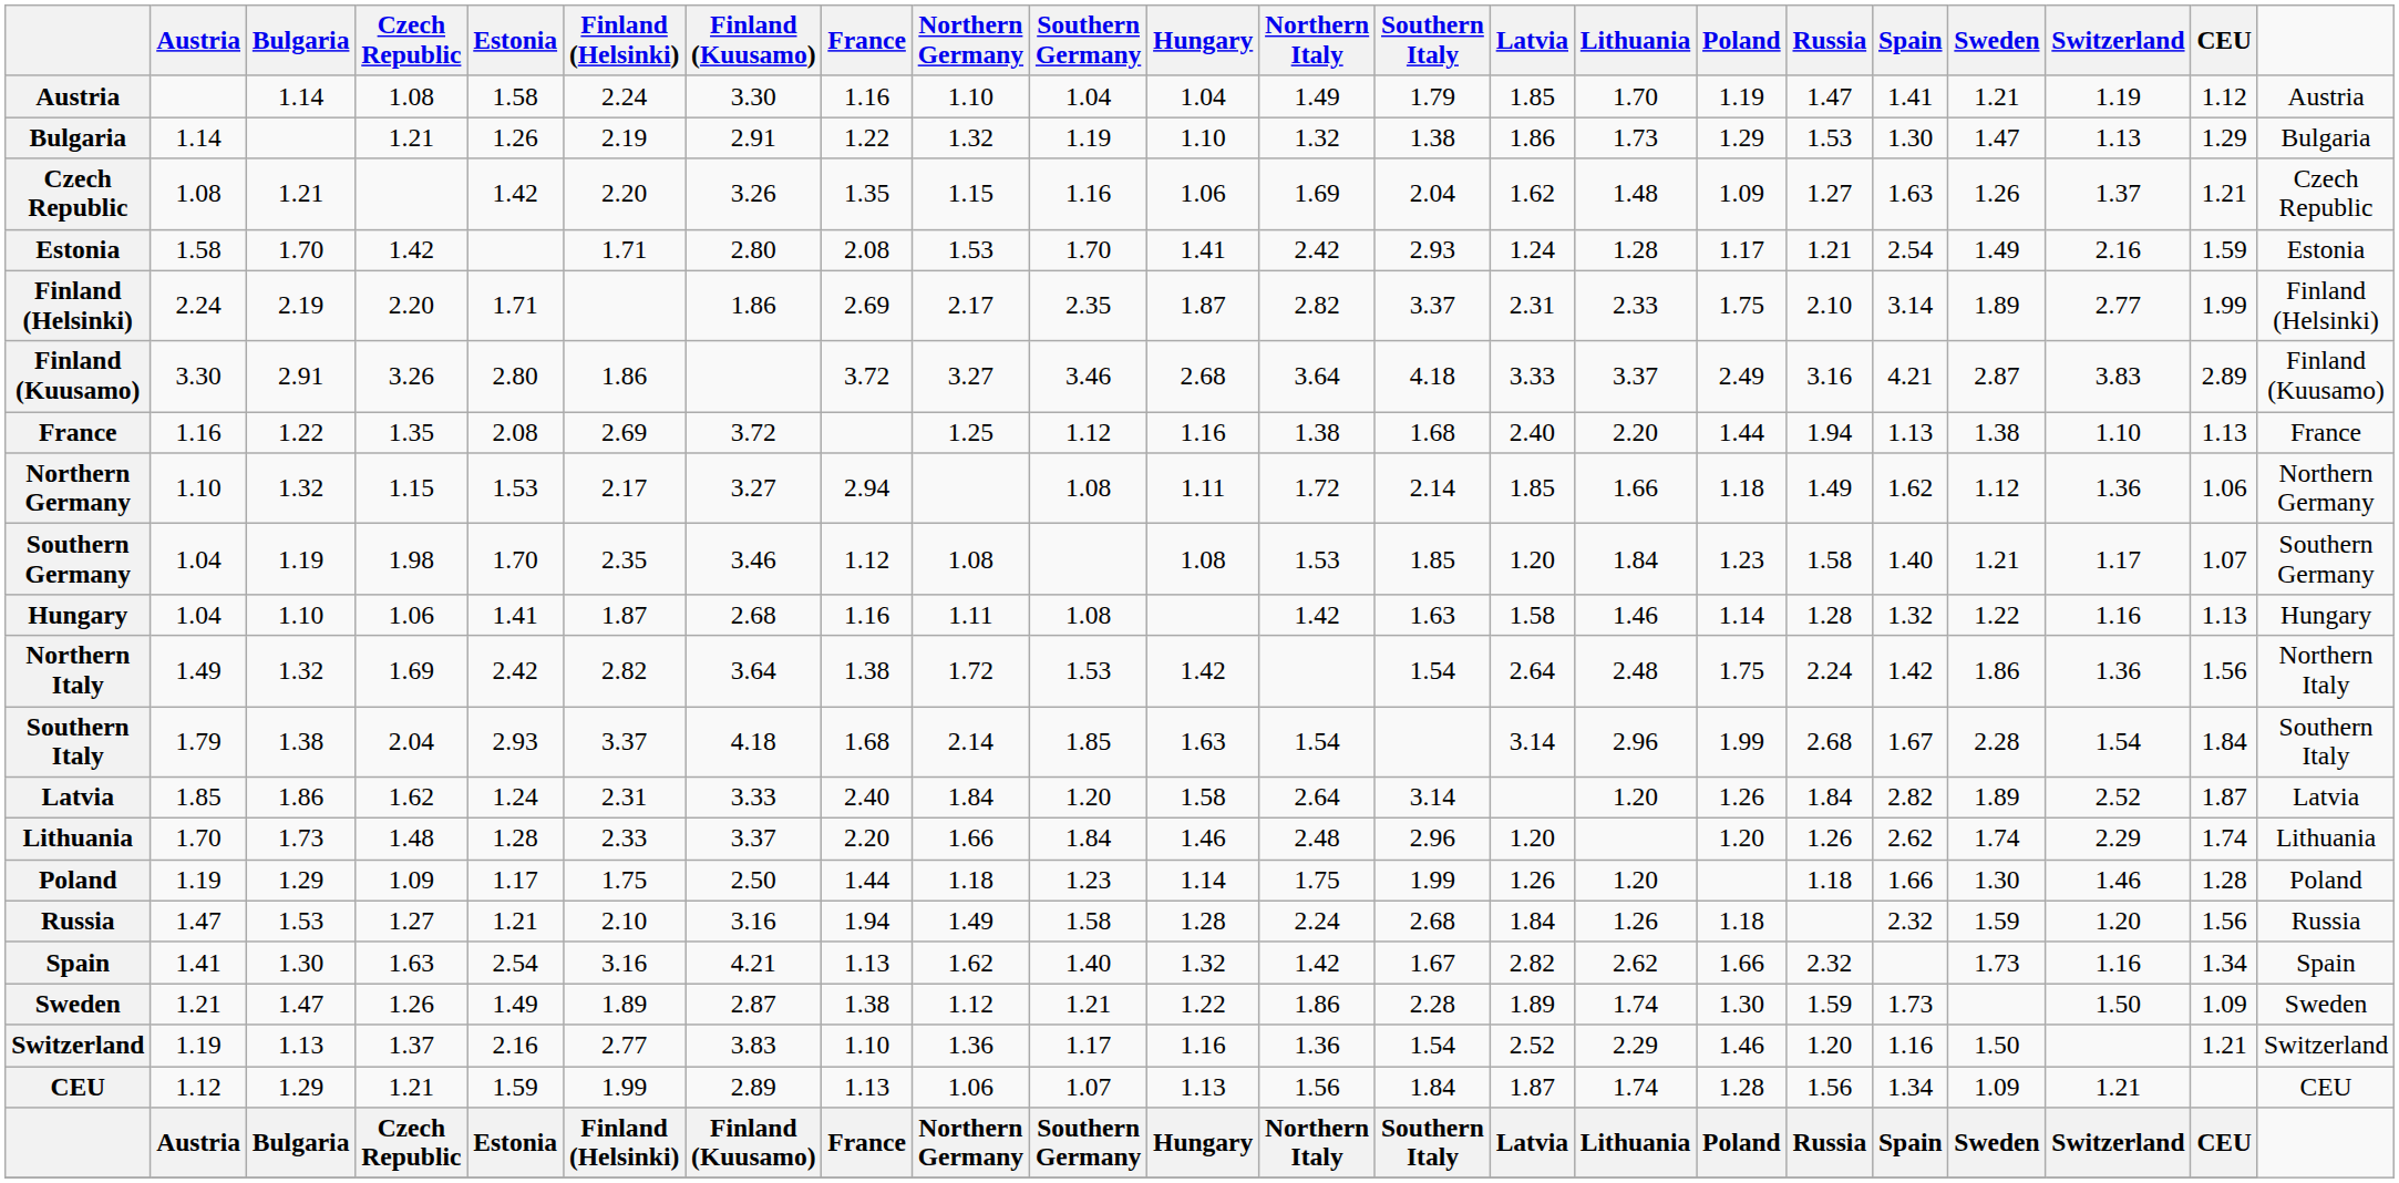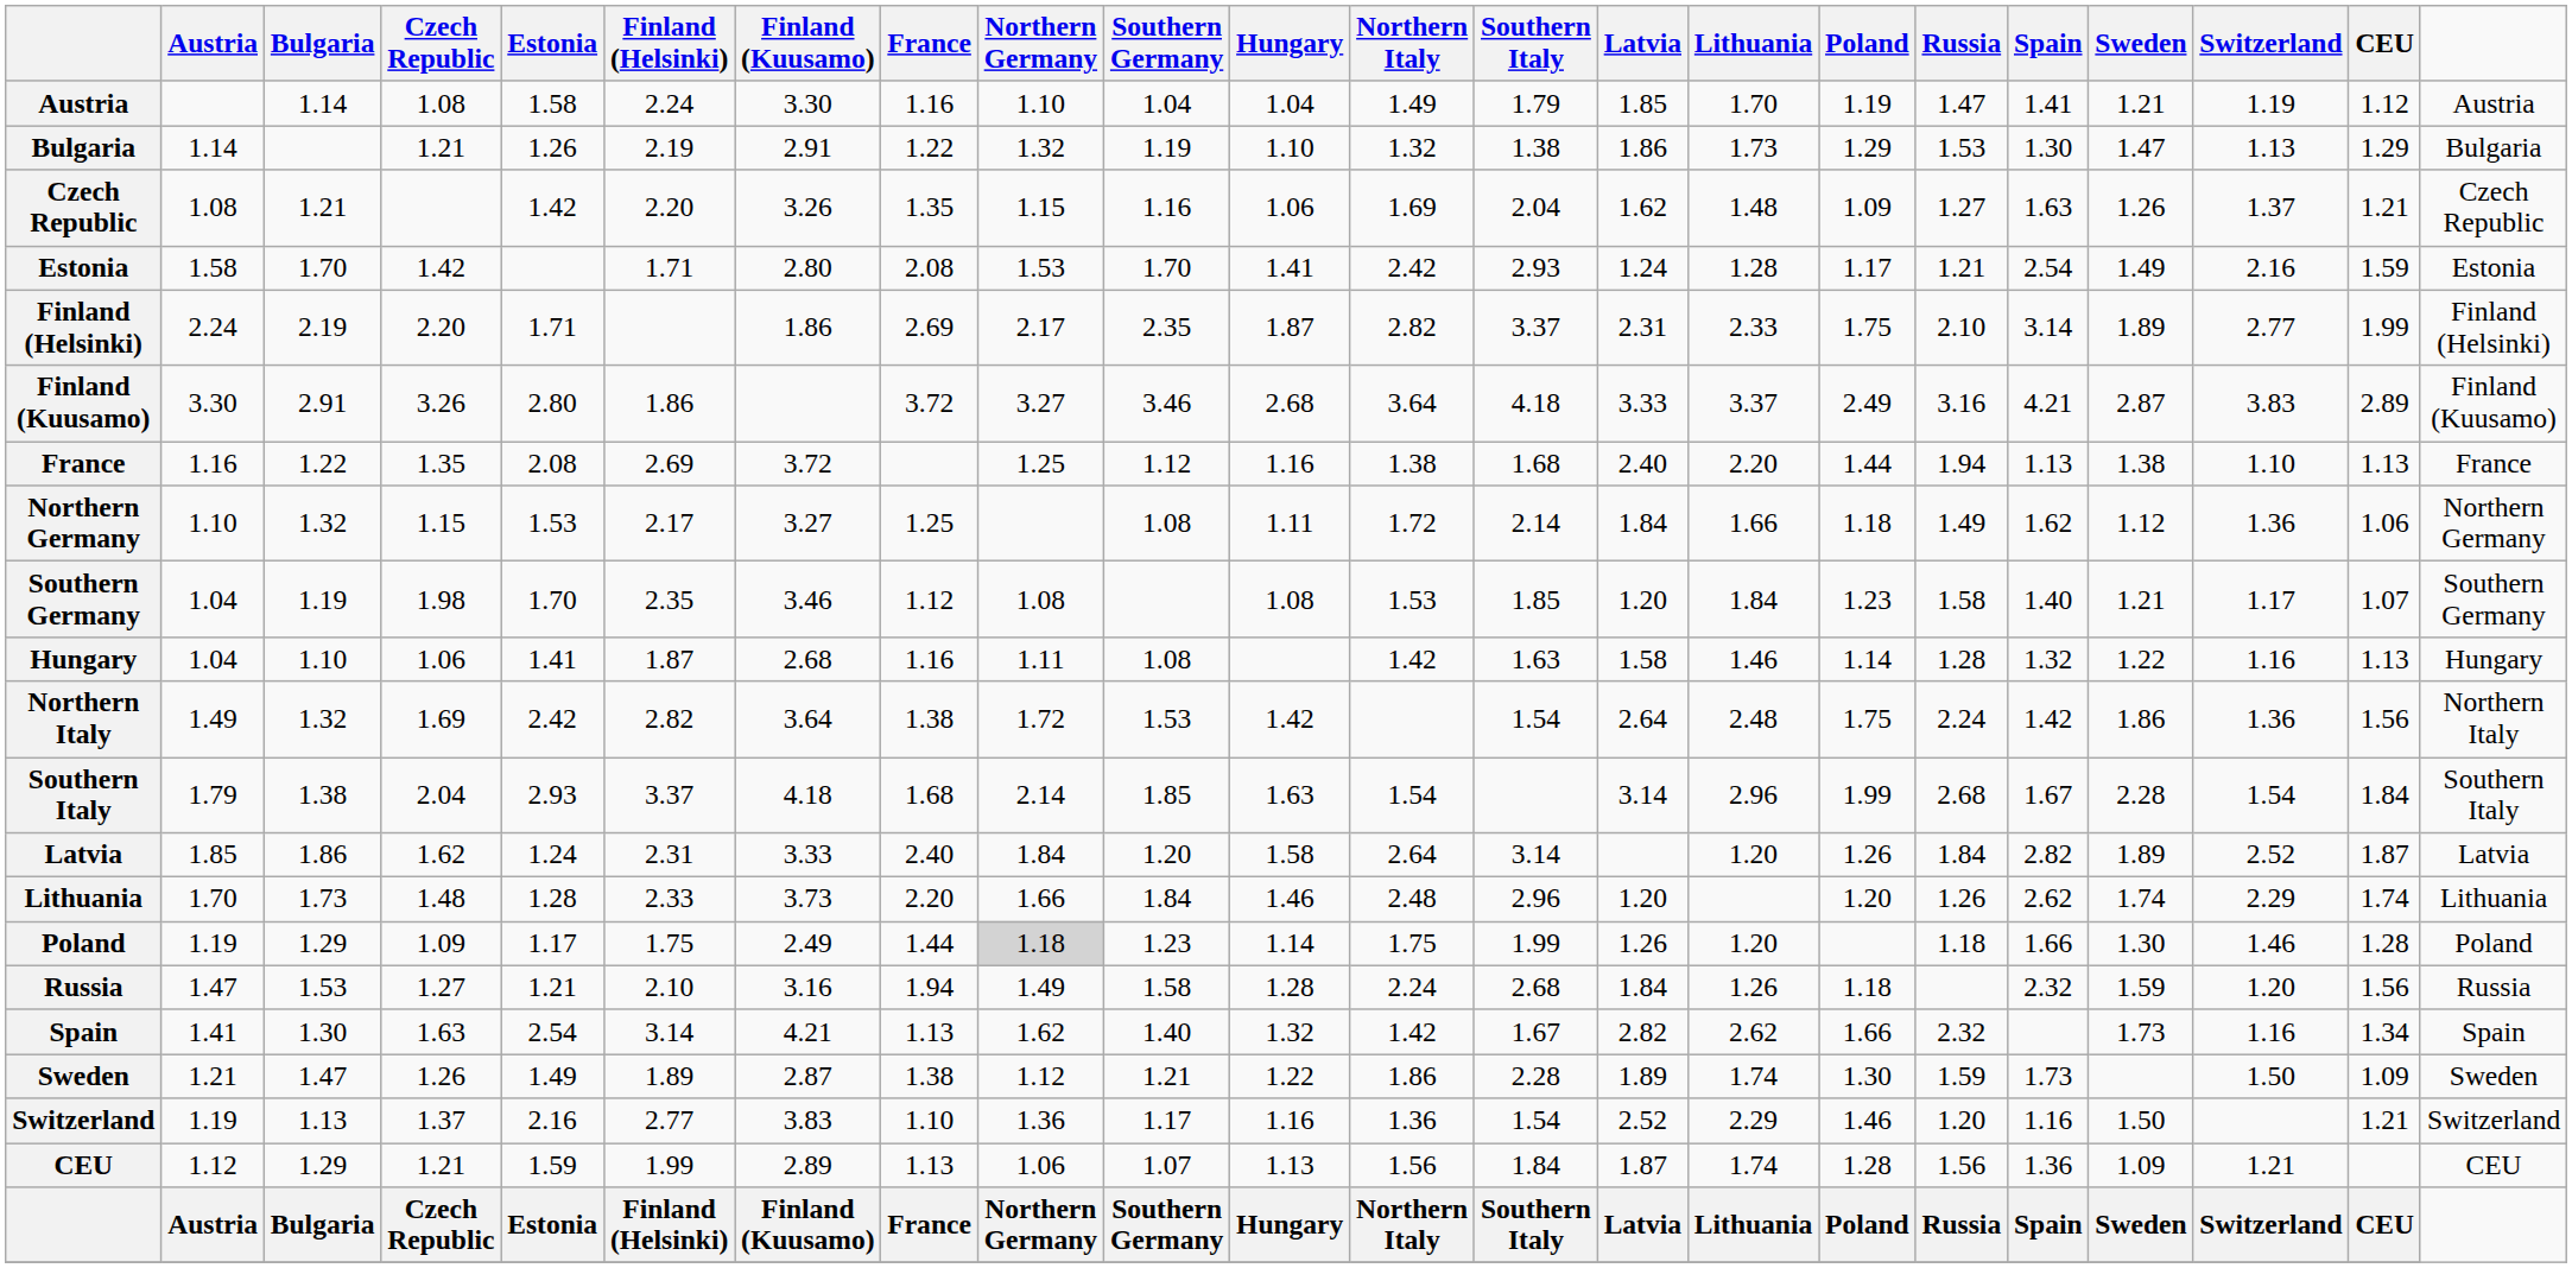 <table class="wikitable" style="text-align:center; width:80%;">
 <tr>
 <th scope=col></th>
 <th scope=col><a href='#'>Austria</a></th>
 <th scope=col><a href='#'>Bulgaria</a></th>
 <th scope=col><a href='#'>Czech Republic</a></th>
 <th scope=col><a href='#'>Estonia</a></th>
 <th scope=col><a href='#'>Finland</a> (<a href='#'>Helsinki</a>)</th>
 <th scope=col><a href='#'>Finland</a> (<a href='#'>Kuusamo</a>)</th>
 <th scope=col><a href='#'>France</a></th>
 <th scope=col><a href='#'>Northern Germany</a></th>
 <th scope=col><a href='#'>Southern Germany</a></th>
 <th scope=col><a href='#'>Hungary</a></th>
 <th scope=col><a href='#'>Northern Italy</a></th>
 <th scope=col><a href='#'>Southern Italy</a></th>
 <th scope=col><a href='#'>Latvia</a></th>
 <th scope=col><a href='#'>Lithuania</a></th>
 <th scope=col><a href='#'>Poland</a></th>
 <th scope=col><a href='#'>Russia</a></th>
 <th scope=col><a href='#'>Spain</a></th>
 <th scope=col><a href='#'>Sweden</a></th>
 <th scope=col><a href='#'>Switzerland</a></th>
 <th scope=col>CEU</th>
 </tr>
 <tr>
 <th scope=row>Austria</th>
 <td></td>
 <td>1.14</td>
 <td>1.08</td>
 <td>1.58</td>
 <td>2.24</td>
 <td>3.30</td>
 <td>1.16</td>
 <td>1.10</td>
 <td>1.04</td>
 <td>1.04</td>
 <td>1.49</td>
 <td>1.79</td>
 <td>1.85</td>
 <td>1.70</td>
 <td>1.19</td>
 <td>1.47</td>
 <td>1.41</td>
 <td>1.21</td>
 <td>1.19</td>
 <td>1.12</td>
 <td>Austria</td>
 </tr>
 <tr>
 <th scope=row>Bulgaria</th>
 <td>1.14</td>
 <td></td>
 <td>1.21</td>
 <td>1.26</td>
 <td>2.19</td>
 <td>2.91</td>
 <td>1.22</td>
 <td>1.32</td>
 <td>1.19</td>
 <td>1.10</td>
 <td>1.32</td>
 <td>1.38</td>
 <td>1.86</td>
 <td>1.73</td>
 <td>1.29</td>
 <td>1.53</td>
 <td>1.30</td>
 <td>1.47</td>
 <td>1.13</td>
 <td>1.29</td>
 <td>Bulgaria</td>
 </tr>
 <tr>
 <th scope=row>Czech Republic</th>
 <td>1.08</td>
 <td>1.21</td>
 <td></td>
 <td>1.42</td>
 <td>2.20</td>
 <td>3.26</td>
 <td>1.35</td>
 <td>1.15</td>
 <td>1.16</td>
 <td>1.06</td>
 <td>1.69</td>
 <td>2.04</td>
 <td>1.62</td>
 <td>1.48</td>
 <td>1.09</td>
 <td>1.27</td>
 <td>1.63</td>
 <td>1.26</td>
 <td>1.37</td>
 <td>1.21</td>
 <td>Czech Republic</td>
 </tr>
 <tr>
 <th scope=row>Estonia</th>
 <td>1.58</td>
 <td>1.70</td>
 <td>1.42</td>
 <td></td>
 <td>1.71</td>
 <td>2.80</td>
 <td>2.08</td>
 <td>1.53</td>
 <td>1.70</td>
 <td>1.41</td>
 <td>2.42</td>
 <td>2.93</td>
 <td>1.24</td>
 <td>1.28</td>
 <td>1.17</td>
 <td>1.21</td>
 <td>2.54</td>
 <td>1.49</td>
 <td>2.16</td>
 <td>1.59</td>
 <td>Estonia</td>
 </tr>
 <tr>
 <th scope=row>Finland (Helsinki)</th>
 <td>2.24</td>
 <td>2.19</td>
 <td>2.20</td>
 <td>1.71</td>
 <td></td>
 <td>1.86</td>
 <td>2.69</td>
 <td>2.17</td>
 <td>2.35</td>
 <td>1.87</td>
 <td>2.82</td>
 <td>3.37</td>
 <td>2.31</td>
 <td>2.33</td>
 <td>1.75</td>
 <td>2.10</td>
 <td>3.14</td>
 <td>1.89</td>
 <td>2.77</td>
 <td>1.99</td>
 <td>Finland (Helsinki)</td>
 </tr>
 <tr>
 <th scope=row>Finland (Kuusamo)</th>
 <td>3.30</td>
 <td>2.91</td>
 <td>3.26</td>
 <td>2.80</td>
 <td>1.86</td>
 <td></td>
 <td>3.72</td>
 <td>3.27</td>
 <td>3.46</td>
 <td>2.68</td>
 <td>3.64</td>
 <td>4.18</td>
 <td>3.33</td>
 <td>3.37</td>
 <td>2.49</td>
 <td>3.16</td>
 <td>4.21</td>
 <td>2.87</td>
 <td>3.83</td>
 <td>2.89</td>
 <td>Finland (Kuusamo)</td>
 </tr>
 <tr>
 <th scope=row>France</th>
 <td>1.16</td>
 <td>1.22</td>
 <td>1.35</td>
 <td>2.08</td>
 <td>2.69</td>
 <td>3.72</td>
 <td></td>
 <td>1.25</td>
 <td>1.12</td>
 <td>1.16</td>
 <td>1.38</td>
 <td>1.68</td>
 <td>2.40</td>
 <td>2.20</td>
 <td>1.44</td>
 <td>1.94</td>
 <td>1.13</td>
 <td>1.38</td>
 <td>1.10</td>
 <td>1.13</td>
 <td>France</td>
 </tr>
 <tr>
 <th scope=row>Northern Germany</th>
 <td>1.10</td>
 <td>1.32</td>
 <td>1.15</td>
 <td>1.53</td>
 <td>2.17</td>
 <td>3.27</td>
-<td>2.94</td>
+<td>1.25</td>
 <td></td>
 <td>1.08</td>
 <td>1.11</td>
 <td>1.72</td>
 <td>2.14</td>
-<td>1.85</td>
+<td>1.84</td>
 <td>1.66</td>
 <td>1.18</td>
 <td>1.49</td>
 <td>1.62</td>
 <td>1.12</td>
 <td>1.36</td>
 <td>1.06</td>
 <td>Northern Germany</td>
 </tr>
 <tr>
 <th scope=row>Southern Germany</th>
 <td>1.04</td>
 <td>1.19</td>
 <td>1.98</td>
 <td>1.70</td>
 <td>2.35</td>
 <td>3.46</td>
 <td>1.12</td>
 <td>1.08</td>
 <td></td>
 <td>1.08</td>
 <td>1.53</td>
 <td>1.85</td>
 <td>1.20</td>
 <td>1.84</td>
 <td>1.23</td>
 <td>1.58</td>
 <td>1.40</td>
 <td>1.21</td>
 <td>1.17</td>
 <td>1.07</td>
 <td>Southern Germany</td>
 </tr>
 <tr>
 <th scope=row>Hungary</th>
 <td>1.04</td>
 <td>1.10</td>
 <td>1.06</td>
 <td>1.41</td>
 <td>1.87</td>
 <td>2.68</td>
 <td>1.16</td>
 <td>1.11</td>
 <td>1.08</td>
 <td></td>
 <td>1.42</td>
 <td>1.63</td>
 <td>1.58</td>
 <td>1.46</td>
 <td>1.14</td>
 <td>1.28</td>
 <td>1.32</td>
 <td>1.22</td>
 <td>1.16</td>
 <td>1.13</td>
 <td>Hungary</td>
 </tr>
 <tr>
 <th scope=row>Northern Italy</th>
 <td>1.49</td>
 <td>1.32</td>
 <td>1.69</td>
 <td>2.42</td>
 <td>2.82</td>
 <td>3.64</td>
 <td>1.38</td>
 <td>1.72</td>
 <td>1.53</td>
 <td>1.42</td>
 <td></td>
 <td>1.54</td>
 <td>2.64</td>
 <td>2.48</td>
 <td>1.75</td>
 <td>2.24</td>
 <td>1.42</td>
 <td>1.86</td>
 <td>1.36</td>
 <td>1.56</td>
 <td>Northern Italy</td>
 </tr>
 <tr>
 <th scope=row>Southern Italy</th>
 <td>1.79</td>
 <td>1.38</td>
 <td>2.04</td>
 <td>2.93</td>
 <td>3.37</td>
 <td>4.18</td>
 <td>1.68</td>
 <td>2.14</td>
 <td>1.85</td>
 <td>1.63</td>
 <td>1.54</td>
 <td></td>
 <td>3.14</td>
 <td>2.96</td>
 <td>1.99</td>
 <td>2.68</td>
 <td>1.67</td>
 <td>2.28</td>
 <td>1.54</td>
 <td>1.84</td>
 <td>Southern Italy</td>
 </tr>
 <tr>
 <th scope=row>Latvia</th>
 <td>1.85</td>
 <td>1.86</td>
 <td>1.62</td>
 <td>1.24</td>
 <td>2.31</td>
 <td>3.33</td>
 <td>2.40</td>
 <td>1.84</td>
 <td>1.20</td>
 <td>1.58</td>
 <td>2.64</td>
 <td>3.14</td>
 <td></td>
 <td>1.20</td>
 <td>1.26</td>
 <td>1.84</td>
 <td>2.82</td>
 <td>1.89</td>
 <td>2.52</td>
 <td>1.87</td>
 <td>Latvia</td>
 </tr>
 <tr>
 <th scope=row>Lithuania</th>
 <td>1.70</td>
 <td>1.73</td>
 <td>1.48</td>
 <td>1.28</td>
 <td>2.33</td>
-<td>3.37</td>
+<td>3.73</td>
 <td>2.20</td>
 <td>1.66</td>
 <td>1.84</td>
 <td>1.46</td>
 <td>2.48</td>
 <td>2.96</td>
 <td>1.20</td>
 <td></td>
 <td>1.20</td>
 <td>1.26</td>
 <td>2.62</td>
 <td>1.74</td>
 <td>2.29</td>
 <td>1.74</td>
 <td>Lithuania</td>
 </tr>
 <tr>
 <th scope=row>Poland</th>
 <td>1.19</td>
 <td>1.29</td>
 <td>1.09</td>
 <td>1.17</td>
 <td>1.75</td>
-<td>2.50</td>
+<td>2.49</td>
 <td>1.44</td>
-<td>1.18</td>
+<td style="background: lightgrey;">1.18</td>
 <td>1.23</td>
 <td>1.14</td>
 <td>1.75</td>
 <td>1.99</td>
 <td>1.26</td>
 <td>1.20</td>
 <td></td>
 <td>1.18</td>
 <td>1.66</td>
 <td>1.30</td>
 <td>1.46</td>
 <td>1.28</td>
 <td>Poland</td>
 </tr>
 <tr>
 <th scope=row>Russia</th>
 <td>1.47</td>
 <td>1.53</td>
 <td>1.27</td>
 <td>1.21</td>
 <td>2.10</td>
 <td>3.16</td>
 <td>1.94</td>
 <td>1.49</td>
 <td>1.58</td>
 <td>1.28</td>
 <td>2.24</td>
 <td>2.68</td>
 <td>1.84</td>
 <td>1.26</td>
 <td>1.18</td>
 <td></td>
 <td>2.32</td>
 <td>1.59</td>
 <td>1.20</td>
 <td>1.56</td>
 <td>Russia</td>
 </tr>
 <tr>
 <th scope=row>Spain</th>
 <td>1.41</td>
 <td>1.30</td>
 <td>1.63</td>
 <td>2.54</td>
-<td>3.16</td>
+<td>3.14</td>
 <td>4.21</td>
 <td>1.13</td>
 <td>1.62</td>
 <td>1.40</td>
 <td>1.32</td>
 <td>1.42</td>
 <td>1.67</td>
 <td>2.82</td>
 <td>2.62</td>
 <td>1.66</td>
 <td>2.32</td>
 <td></td>
 <td>1.73</td>
 <td>1.16</td>
 <td>1.34</td>
 <td>Spain</td>
 </tr>
 <tr>
 <th scope=row>Sweden</th>
 <td>1.21</td>
 <td>1.47</td>
 <td>1.26</td>
 <td>1.49</td>
 <td>1.89</td>
 <td>2.87</td>
 <td>1.38</td>
 <td>1.12</td>
 <td>1.21</td>
 <td>1.22</td>
 <td>1.86</td>
 <td>2.28</td>
 <td>1.89</td>
 <td>1.74</td>
 <td>1.30</td>
 <td>1.59</td>
 <td>1.73</td>
 <td></td>
 <td>1.50</td>
 <td>1.09</td>
 <td>Sweden</td>
 </tr>
 <tr>
 <th scope=row>Switzerland</th>
 <td>1.19</td>
 <td>1.13</td>
 <td>1.37</td>
 <td>2.16</td>
 <td>2.77</td>
 <td>3.83</td>
 <td>1.10</td>
 <td>1.36</td>
 <td>1.17</td>
 <td>1.16</td>
 <td>1.36</td>
 <td>1.54</td>
 <td>2.52</td>
 <td>2.29</td>
 <td>1.46</td>
 <td>1.20</td>
 <td>1.16</td>
 <td>1.50</td>
 <td></td>
 <td>1.21</td>
 <td>Switzerland</td>
 </tr>
 <tr>
 <th scope=row>CEU</th>
 <td>1.12</td>
 <td>1.29</td>
 <td>1.21</td>
 <td>1.59</td>
 <td>1.99</td>
 <td>2.89</td>
 <td>1.13</td>
 <td>1.06</td>
 <td>1.07</td>
 <td>1.13</td>
 <td>1.56</td>
 <td>1.84</td>
 <td>1.87</td>
 <td>1.74</td>
 <td>1.28</td>
 <td>1.56</td>
-<td>1.34</td>
+<td>1.36</td>
 <td>1.09</td>
 <td>1.21</td>
 <td></td>
 <td>CEU</td>
 </tr>
 <tr>
 <th scope=col></th>
 <th scope=col>Austria</th>
 <th scope=col>Bulgaria</th>
 <th scope=col>Czech Republic</th>
 <th scope=col>Estonia</th>
 <th scope=col>Finland (Helsinki)</th>
 <th scope=col>Finland (Kuusamo)</th>
 <th scope=col>France</th>
 <th scope=col>Northern Germany</th>
 <th scope=col>Southern Germany</th>
 <th scope=col>Hungary</th>
 <th scope=col>Northern Italy</th>
 <th scope=col>Southern Italy</th>
 <th scope=col>Latvia</th>
 <th scope=col>Lithuania</th>
 <th scope=col>Poland</th>
 <th scope=col>Russia</th>
 <th scope=col>Spain</th>
 <th scope=col>Sweden</th>
 <th scope=col>Switzerland</th>
 <th scope=col>CEU</th>
 </tr>
 <tr>
 </tr>
 </table>
